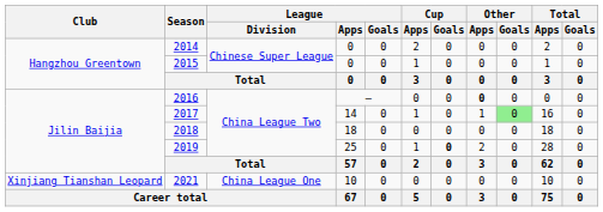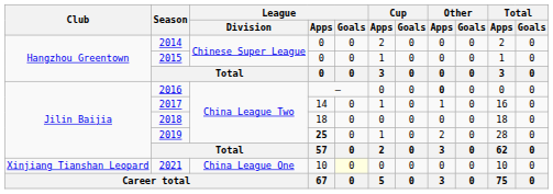 <table class="wikitable" style="text-align: center">
 <tr>
 <th rowspan="2">Club</th>
 <th rowspan="2">Season</th>
 <th colspan="3">League</th>
 <th colspan="2">Cup</th>
 <th colspan="2">Other</th>
 <th colspan="2">Total</th>
 </tr>
 <tr>
 <th>Division</th>
 <th>Apps</th>
 <th>Goals</th>
 <th>Apps</th>
 <th>Goals</th>
 <th>Apps</th>
 <th>Goals</th>
 <th>Apps</th>
 <th>Goals</th>
 </tr>
 <tr>
 <td rowspan="3"><a href='#'>Hangzhou Greentown</a></td>
 <td><a href='#'>2014</a></td>
 <td rowspan="2"><a href='#'>Chinese Super League</a></td>
 <td>0</td>
 <td>0</td>
 <td>2</td>
 <td>0</td>
 <td>0</td>
 <td>0</td>
 <td>2</td>
 <td>0</td>
 </tr>
 <tr>
 <td><a href='#'>2015</a></td>
 <td>0</td>
 <td>0</td>
 <td>1</td>
 <td>0</td>
 <td>0</td>
 <td>0</td>
 <td>1</td>
 <td>0</td>
 </tr>
 <tr>
 <th colspan=2>Total</th>
 <th>0</th>
 <th>0</th>
 <th>3</th>
 <th>0</th>
 <th>0</th>
 <th>0</th>
 <th>3</th>
 <th>0</th>
 </tr>
 <tr>
 <td rowspan="5"><a href='#'>Jilin Baijia</a></td>
 <td><a href='#'>2016</a></td>
 <td rowspan="4"><a href='#'>China League Two</a></td>
 <td colspan="2">–</td>
 <td>0</td>
 <td>0</td>
 <td><strong>0</strong></td>
 <td>0</td>
 <td>0</td>
 <td>0</td>
 </tr>
 <tr>
 <td><a href='#'>2017</a></td>
 <td>14</td>
 <td>0</td>
 <td>1</td>
 <td>0</td>
 <td>1</td>
-<td style="background: lightgreen;">0</td>
+<td>0</td>
 <td>16</td>
 <td>0</td>
 </tr>
 <tr>
 <td><a href='#'>2018</a></td>
 <td>18</td>
 <td>0</td>
 <td>0</td>
 <td>0</td>
 <td>0</td>
 <td>0</td>
 <td>18</td>
 <td>0</td>
 </tr>
 <tr>
 <td><a href='#'>2019</a></td>
-<td>25</td>
+<td><strong>25</strong></td>
 <td>0</td>
 <td>1</td>
-<td><strong>0</strong></td>
+<td>0</td>
 <td>2</td>
 <td>0</td>
 <td>28</td>
 <td>0</td>
 </tr>
 <tr>
 <th colspan=2>Total</th>
 <th>57</th>
 <th>0</th>
 <th>2</th>
 <th>0</th>
 <th>3</th>
 <th>0</th>
 <th>62</th>
 <th>0</th>
 </tr>
 <tr>
 <td><a href='#'>Xinjiang Tianshan Leopard</a></td>
 <td><a href='#'>2021</a></td>
 <td><a href='#'>China League One</a></td>
 <td>10</td>
-<td>0</td>
+<td style="background: lightyellow;">0</td>
 <td>0</td>
 <td>0</td>
 <td>0</td>
 <td>0</td>
 <td>10</td>
 <td>0</td>
 </tr>
 <tr>
 <th colspan=3>Career total</th>
 <th>67</th>
 <th>0</th>
 <th>5</th>
 <th>0</th>
 <th>3</th>
 <th>0</th>
 <th>75</th>
 <th>0</th>
 </tr>
 </table>
